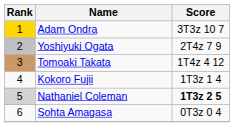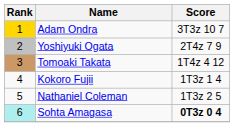 <table class="wikitable">
 <tr>
 <th>Rank</th>
 <th width = "200">Name</th>
 <th width = "80">Score</th>
 </tr>
 <tr>
 <td align="center" style="background: gold">1</td>
 <td> <a href='#'>Adam Ondra</a></td>
 <td align="center">3T3z 10 7</td>
 </tr>
 <tr>
 <td align="center" style="background: silver">2</td>
 <td> <a href='#'>Yoshiyuki Ogata</a></td>
 <td align="center">2T4z 7 9</td>
 </tr>
 <tr>
 <td align="center" style="background: #cc9966">3</td>
 <td> <a href='#'>Tomoaki Takata</a></td>
 <td align="center">1T4z 4 12</td>
 </tr>
 <tr>
 <td align="center">4</td>
 <td> <a href='#'>Kokoro Fujii</a></td>
 <td align="center">1T3z 1 4</td>
 </tr>
 <tr>
-<td align="center" style="background: lightgrey;">5</td>
+<td align="center">5</td>
 <td> <a href='#'>Nathaniel Coleman</a></td>
-<td align="center"><strong>1T3z 2 5</strong></td>
+<td align="center">1T3z 2 5</td>
 </tr>
 <tr>
-<td align="center">6</td>
+<td align="center" style="background: paleturquoise;">6</td>
 <td> <a href='#'>Sohta Amagasa</a></td>
-<td align="center">0T3z 0 4</td>
+<td align="center"><strong>0T3z 0 4</strong></td>
 </tr>
 <tr>
 </tr>
 </table>
